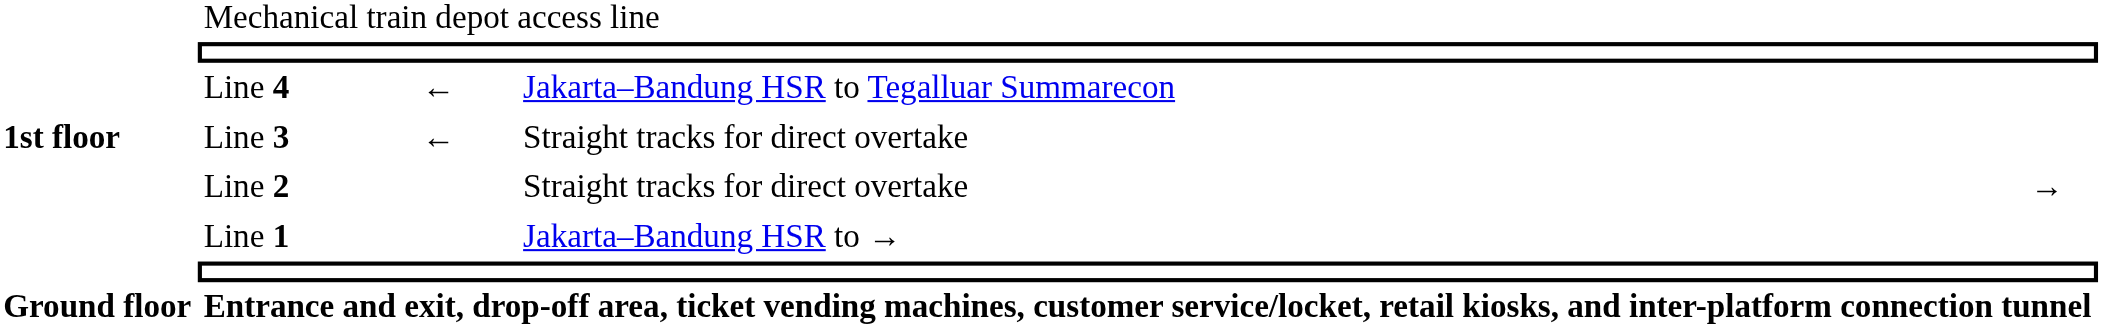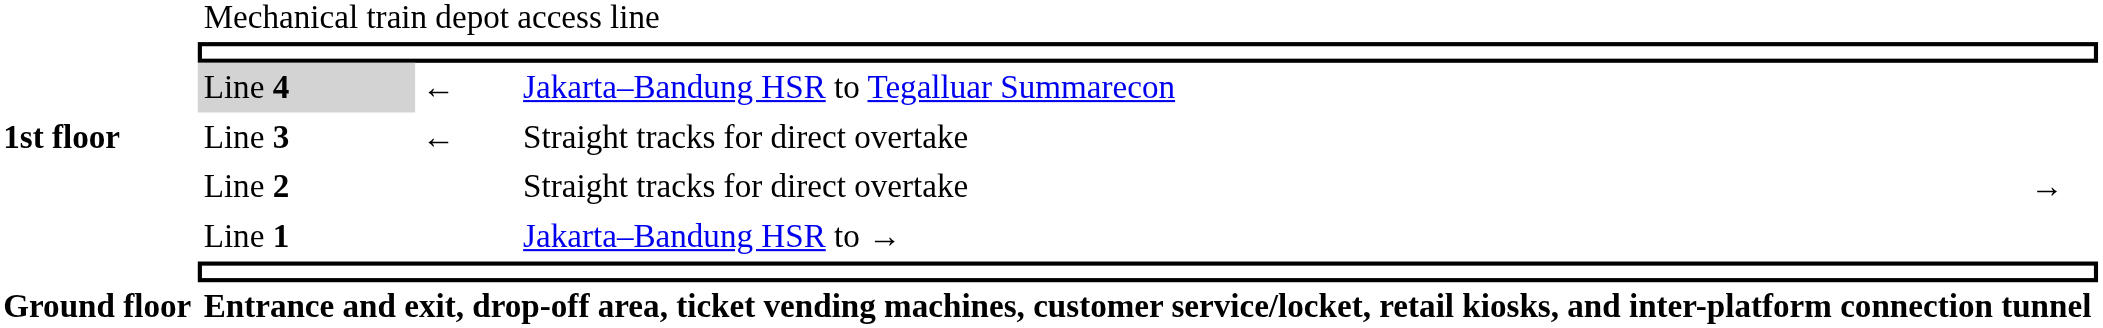 <table cellpadding="3" cellspacing="0" border="0">
 <tr>
 <td colspan="5" style="text-align:center"> </td>
 </tr>
 <tr>
 <td rowspan="7"><strong>1st floor</strong></td>
 <td colspan="4">Mechanical train depot access line</td>
 </tr>
 <tr>
 <td colspan="4" style="text-align:center ; border:solid 2px black"></td>
 </tr>
 <tr>
-<td>Line <strong>4</strong></td>
+<td style="background: lightgrey;">Line <strong>4</strong></td>
 <td>← </td>
 <td> <a href='#'>Jakarta–Bandung HSR</a> to <a href='#'>Tegalluar Summarecon</a></td>
 <td></td>
 </tr>
 <tr>
 <td>Line <strong>3</strong></td>
 <td>← </td>
 <td>Straight tracks for direct overtake</td>
 <td></td>
 </tr>
 <tr>
 <td>Line <strong>2</strong></td>
 <td></td>
 <td>Straight tracks for direct overtake</td>
 <td style="text-align:center"> →</td>
 </tr>
 <tr>
 <td>Line <strong>1</strong></td>
 <td></td>
 <td> <a href='#'>Jakarta–Bandung HSR</a> to  →</td>
 </tr>
 <tr>
 <td colspan="4" style="text-align:center ; border:solid 2px black"></td>
 </tr>
 <tr>
 <td><strong>Ground floor</strong></td>
 <td colspan="4"><strong>Entrance and exit, drop-off area, ticket vending machines, customer service/locket, retail kiosks, and inter-platform connection tunnel</strong></td>
 </tr>
 </table>
